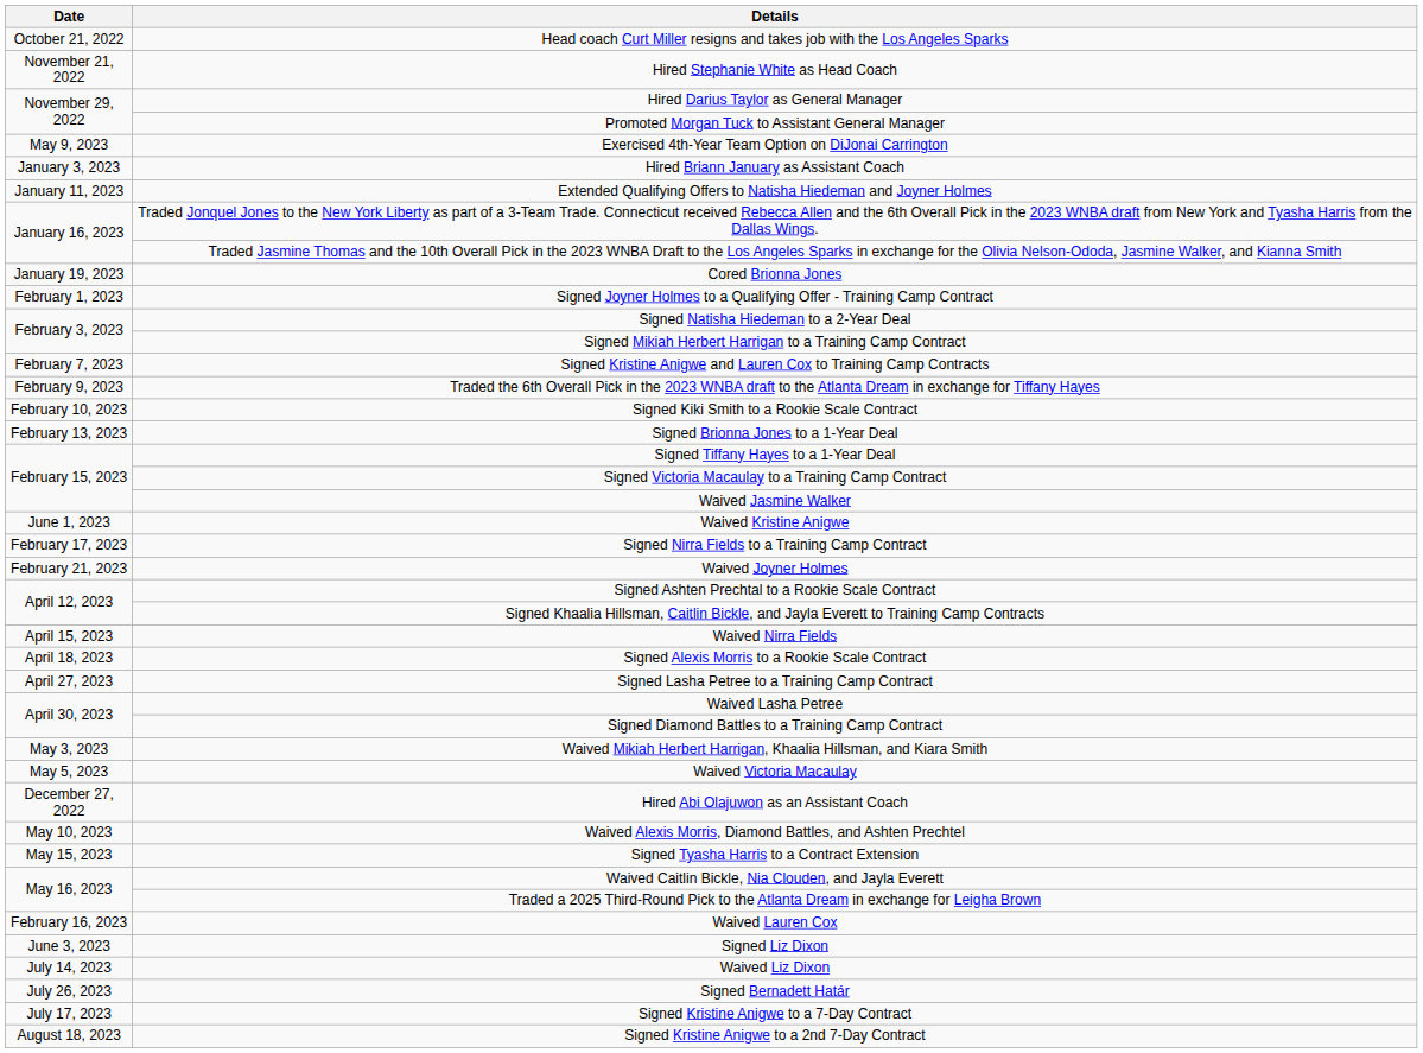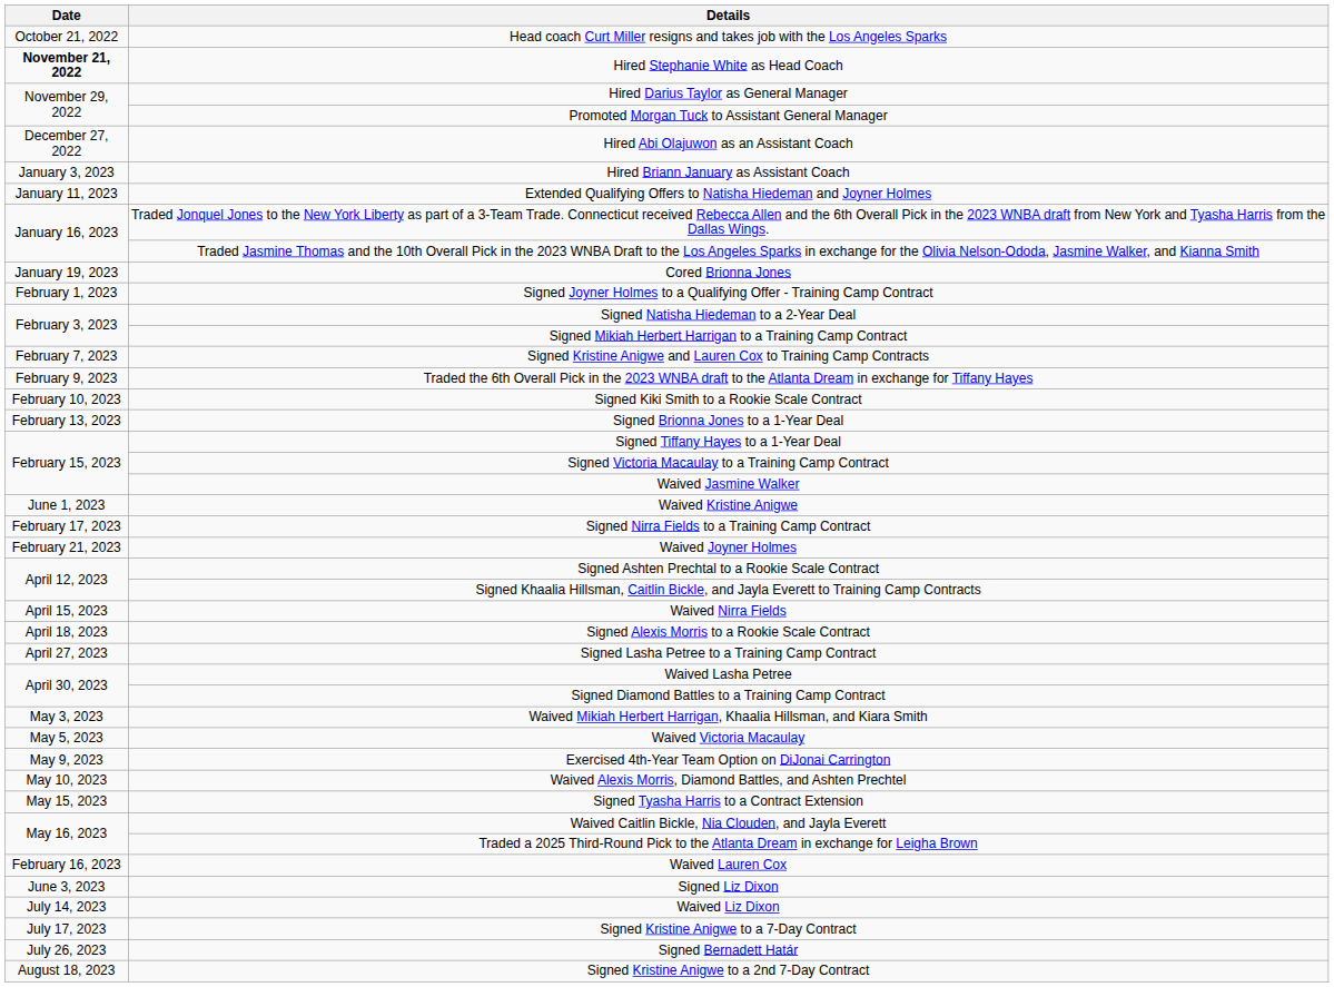 <table class="wikitable" style="width:80%; text-align:center;">
 <tr>
 <th>Date</th>
 <th>Details</th>
 </tr>
 <tr>
 <td>October 21, 2022</td>
 <td>Head coach <a href='#'>Curt Miller</a> resigns and takes job with the <a href='#'>Los Angeles Sparks</a></td>
 </tr>
 <tr>
-<td>November 21, 2022</td>
+<td><strong>November 21, 2022</strong></td>
 <td>Hired <a href='#'>Stephanie White</a> as Head Coach</td>
 </tr>
 <tr>
 <td rowspan=2>November 29, 2022</td>
 <td>Hired <a href='#'>Darius Taylor</a> as General Manager</td>
 </tr>
 <tr>
 <td>Promoted <a href='#'>Morgan Tuck</a> to Assistant General Manager</td>
 </tr>
 <tr>
-<td>May 9, 2023</td>
-<td>Exercised 4th-Year Team Option on <a href='#'>DiJonai Carrington</a></td>
+<td>December 27, 2022</td>
+<td>Hired <a href='#'>Abi Olajuwon</a> as an Assistant Coach </td>
 </tr>
 <tr>
 <td>January 3, 2023</td>
 <td>Hired <a href='#'>Briann January</a> as Assistant Coach</td>
 </tr>
 <tr>
 <td>January 11, 2023</td>
 <td>Extended Qualifying Offers to <a href='#'>Natisha Hiedeman</a> and <a href='#'>Joyner Holmes</a></td>
 </tr>
 <tr>
 <td rowspan=2>January 16, 2023</td>
 <td>Traded <a href='#'>Jonquel Jones</a> to the <a href='#'>New York Liberty</a> as part of a 3-Team Trade. Connecticut received <a href='#'>Rebecca Allen</a> and the 6th Overall Pick in the <a href='#'>2023 WNBA draft</a> from New York and <a href='#'>Tyasha Harris</a> from the <a href='#'>Dallas Wings</a>.</td>
 </tr>
 <tr>
 <td>Traded <a href='#'>Jasmine Thomas</a> and the 10th Overall Pick in the 2023 WNBA Draft to the <a href='#'>Los Angeles Sparks</a> in exchange for the <a href='#'>Olivia Nelson-Ododa</a>, <a href='#'>Jasmine Walker</a>, and <a href='#'>Kianna Smith</a></td>
 </tr>
 <tr>
 <td>January 19, 2023</td>
 <td>Cored <a href='#'>Brionna Jones</a></td>
 </tr>
 <tr>
 <td>February 1, 2023</td>
 <td>Signed <a href='#'>Joyner Holmes</a> to a Qualifying Offer - Training Camp Contract</td>
 </tr>
 <tr>
 <td rowspan=2>February 3, 2023</td>
 <td>Signed <a href='#'>Natisha Hiedeman</a> to a 2-Year Deal</td>
 </tr>
 <tr>
 <td>Signed <a href='#'>Mikiah Herbert Harrigan</a> to a Training Camp Contract</td>
 </tr>
 <tr>
 <td>February 7, 2023</td>
 <td>Signed <a href='#'>Kristine Anigwe</a> and <a href='#'>Lauren Cox</a> to Training Camp Contracts</td>
 </tr>
 <tr>
 <td>February 9, 2023</td>
 <td>Traded the 6th Overall Pick in the <a href='#'>2023 WNBA draft</a> to the <a href='#'>Atlanta Dream</a> in exchange for <a href='#'>Tiffany Hayes</a></td>
 </tr>
 <tr>
 <td>February 10, 2023</td>
 <td>Signed Kiki Smith to a Rookie Scale Contract</td>
 </tr>
 <tr>
 <td>February 13, 2023</td>
 <td>Signed <a href='#'>Brionna Jones</a> to a 1-Year Deal</td>
 </tr>
 <tr>
 <td rowspan=3>February 15, 2023</td>
 <td>Signed <a href='#'>Tiffany Hayes</a> to a 1-Year Deal</td>
 </tr>
 <tr>
 <td>Signed <a href='#'>Victoria Macaulay</a> to a Training Camp Contract</td>
 </tr>
 <tr>
 <td>Waived <a href='#'>Jasmine Walker</a></td>
 </tr>
 <tr>
 <td>June 1, 2023</td>
 <td>Waived <a href='#'>Kristine Anigwe</a></td>
 </tr>
 <tr>
 <td>February 17, 2023</td>
 <td>Signed <a href='#'>Nirra Fields</a> to a Training Camp Contract</td>
 </tr>
 <tr>
 <td>February 21, 2023</td>
 <td>Waived <a href='#'>Joyner Holmes</a></td>
 </tr>
 <tr>
 <td rowspan=2>April 12, 2023</td>
 <td>Signed Ashten Prechtal to a Rookie Scale Contract</td>
 </tr>
 <tr>
 <td>Signed Khaalia Hillsman, <a href='#'>Caitlin Bickle</a>, and Jayla Everett to Training Camp Contracts</td>
 </tr>
 <tr>
 <td>April 15, 2023</td>
 <td>Waived <a href='#'>Nirra Fields</a></td>
 </tr>
 <tr>
 <td>April 18, 2023</td>
 <td>Signed <a href='#'>Alexis Morris</a> to a Rookie Scale Contract</td>
 </tr>
 <tr>
 <td>April 27, 2023</td>
 <td>Signed Lasha Petree to a Training Camp Contract</td>
 </tr>
 <tr>
 <td rowspan=2>April 30, 2023</td>
 <td>Waived Lasha Petree</td>
 </tr>
 <tr>
 <td>Signed Diamond Battles to a Training Camp Contract</td>
 </tr>
 <tr>
 <td>May 3, 2023</td>
 <td>Waived <a href='#'>Mikiah Herbert Harrigan</a>, Khaalia Hillsman, and Kiara Smith</td>
 </tr>
 <tr>
 <td>May 5, 2023</td>
 <td>Waived <a href='#'>Victoria Macaulay</a></td>
 </tr>
 <tr>
-<td>December 27, 2022</td>
-<td>Hired <a href='#'>Abi Olajuwon</a> as an Assistant Coach </td>
+<td>May 9, 2023</td>
+<td>Exercised 4th-Year Team Option on <a href='#'>DiJonai Carrington</a></td>
 </tr>
 <tr>
 <td>May 10, 2023</td>
 <td>Waived <a href='#'>Alexis Morris</a>, Diamond Battles, and Ashten Prechtel</td>
 </tr>
 <tr>
 <td>May 15, 2023</td>
 <td>Signed <a href='#'>Tyasha Harris</a> to a Contract Extension</td>
 </tr>
 <tr>
 <td rowspan=2>May 16, 2023</td>
 <td>Waived Caitlin Bickle, <a href='#'>Nia Clouden</a>, and Jayla Everett</td>
 </tr>
 <tr>
 <td>Traded a 2025 Third-Round Pick to the <a href='#'>Atlanta Dream</a> in exchange for <a href='#'>Leigha Brown</a></td>
 </tr>
 <tr>
 <td>February 16, 2023</td>
 <td>Waived <a href='#'>Lauren Cox</a></td>
 </tr>
 <tr>
 <td>June 3, 2023</td>
 <td>Signed <a href='#'>Liz Dixon</a></td>
 </tr>
 <tr>
 <td>July 14, 2023</td>
 <td>Waived <a href='#'>Liz Dixon</a></td>
 </tr>
 <tr>
+<td>July 17, 2023</td>
+<td>Signed <a href='#'>Kristine Anigwe</a> to a 7-Day Contract</td>
+</tr>
+<tr>
 <td>July 26, 2023</td>
 <td>Signed <a href='#'>Bernadett Határ</a></td>
-</tr>
-<tr>
-<td>July 17, 2023</td>
-<td>Signed <a href='#'>Kristine Anigwe</a> to a 7-Day Contract</td>
 </tr>
 <tr>
 <td>August 18, 2023</td>
 <td>Signed <a href='#'>Kristine Anigwe</a> to a 2nd 7-Day Contract</td>
 </tr>
 </table>
